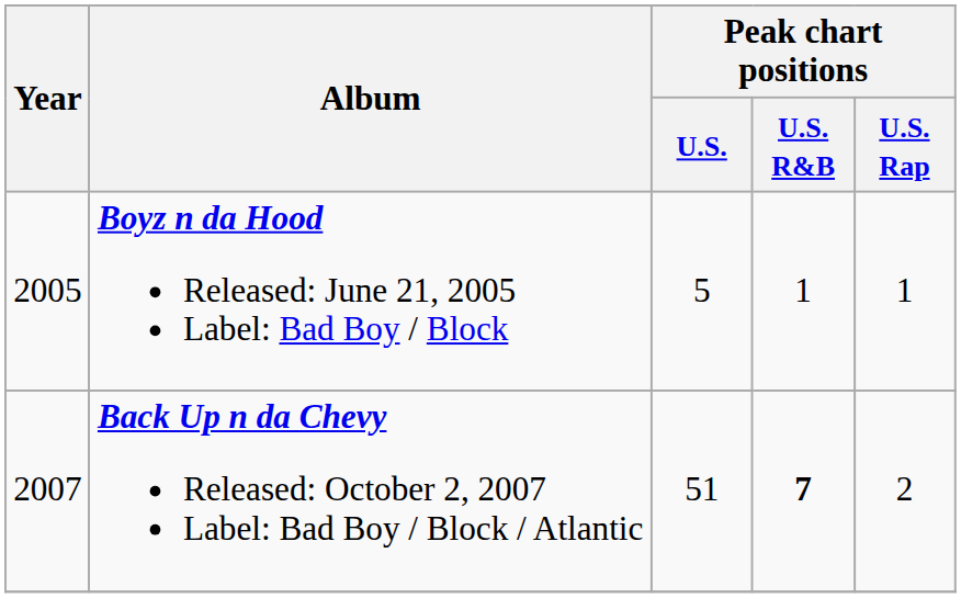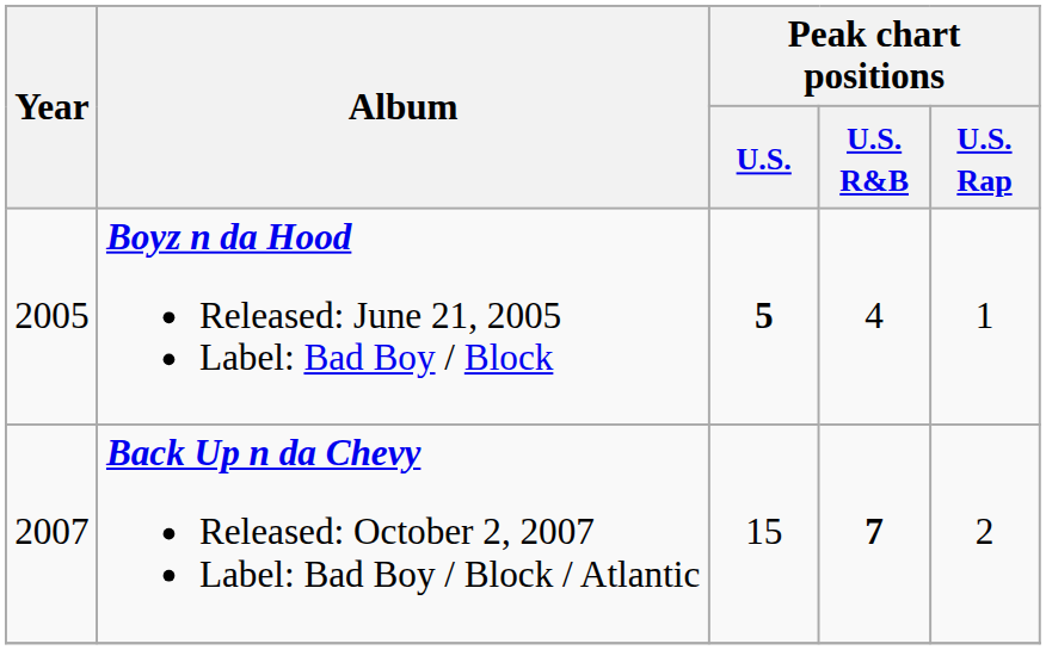 <table class="wikitable">
 <tr>
 <th rowspan="2">Year</th>
 <th rowspan="2">Album</th>
 <th colspan="3">Peak chart positions</th>
 </tr>
 <tr>
 <th width=40><small><a href='#'>U.S.</a></small></th>
 <th width=40><small><a href='#'>U.S. R&B</a></small></th>
 <th width=40><small><a href='#'>U.S. Rap</a></small></th>
 </tr>
 <tr>
 <td>2005</td>
 <td><strong><em><a href='#'>Boyz n da Hood</a></em></strong><br><ul><li>Released: June 21, 2005</li><li>Label: <a href='#'>Bad Boy</a> / <a href='#'>Block</a></li></ul></td>
-<td align="center">5</td>
-<td align="center">1</td>
+<td align="center"><strong>5</strong></td>
+<td align="center">4</td>
 <td align="center">1</td>
 </tr>
 <tr>
 <td>2007</td>
 <td><strong><em><a href='#'>Back Up n da Chevy</a></em></strong><br><ul><li>Released: October 2, 2007</li><li>Label: Bad Boy / Block / Atlantic</li></ul></td>
-<td align="center">51</td>
+<td align="center">15</td>
 <td align="center"><strong>7</strong></td>
 <td align="center">2</td>
 </tr>
 <tr>
 </tr>
 </table>
